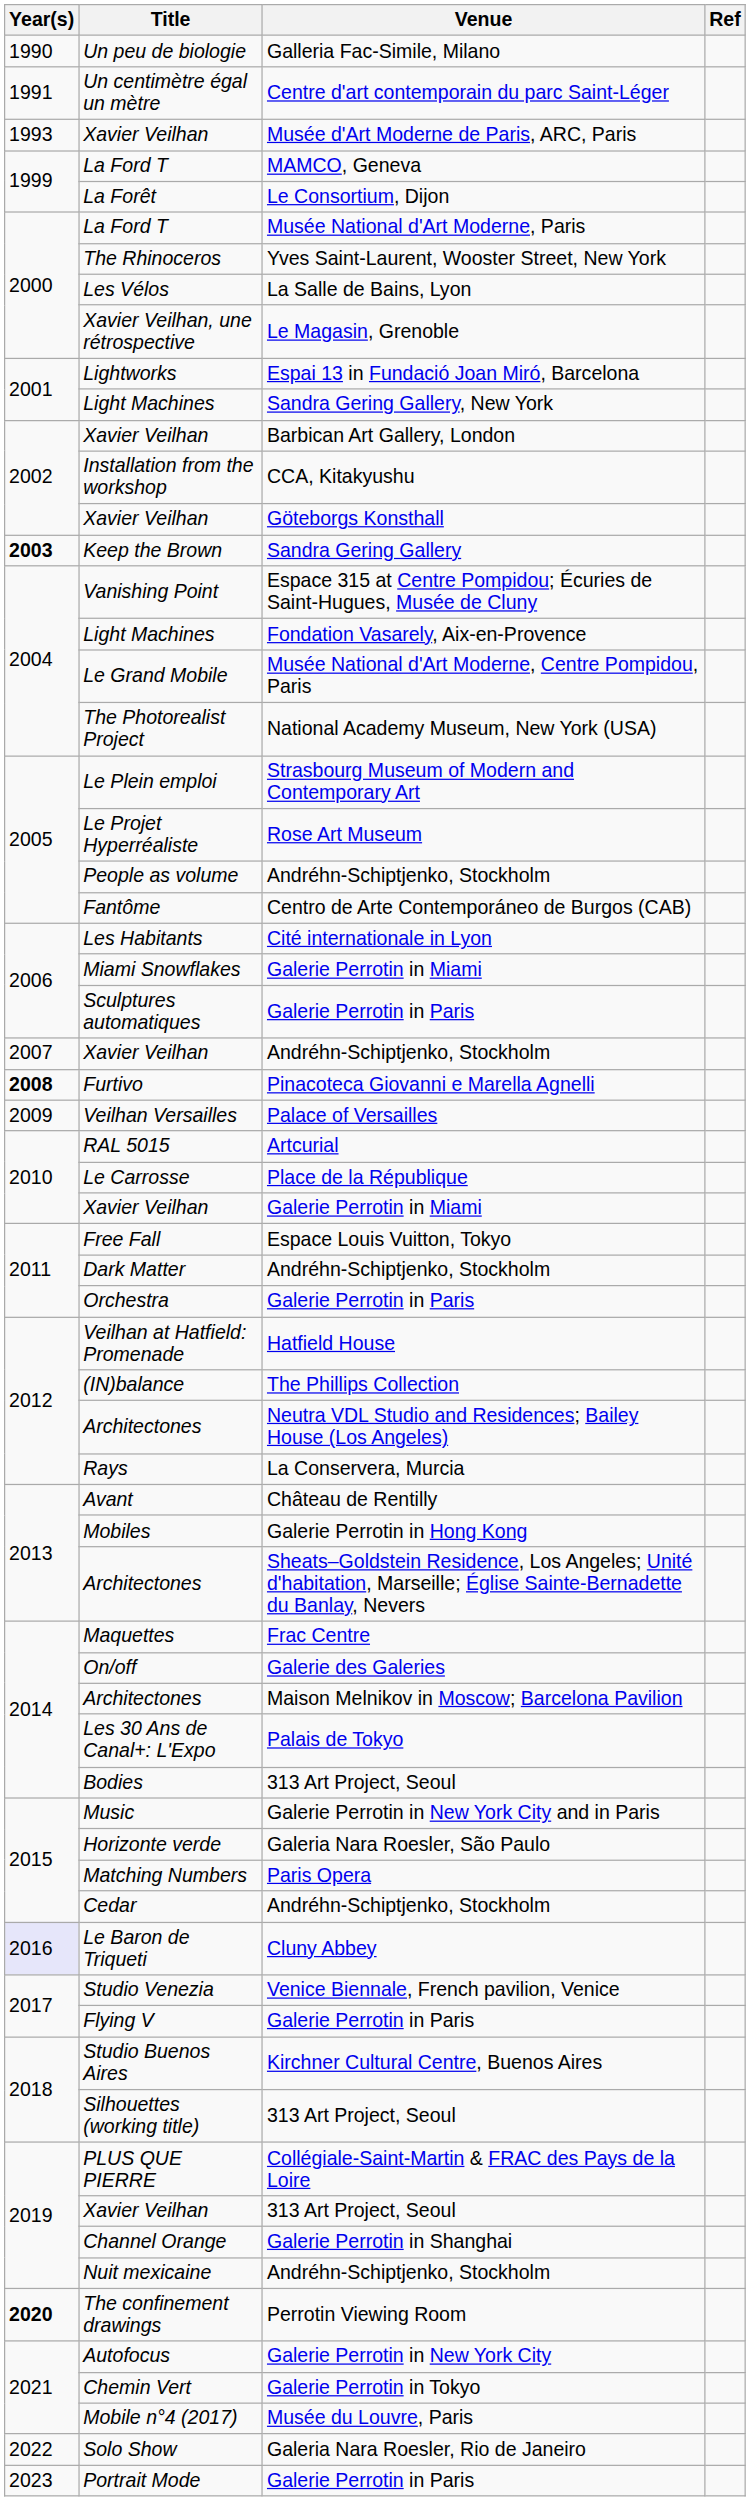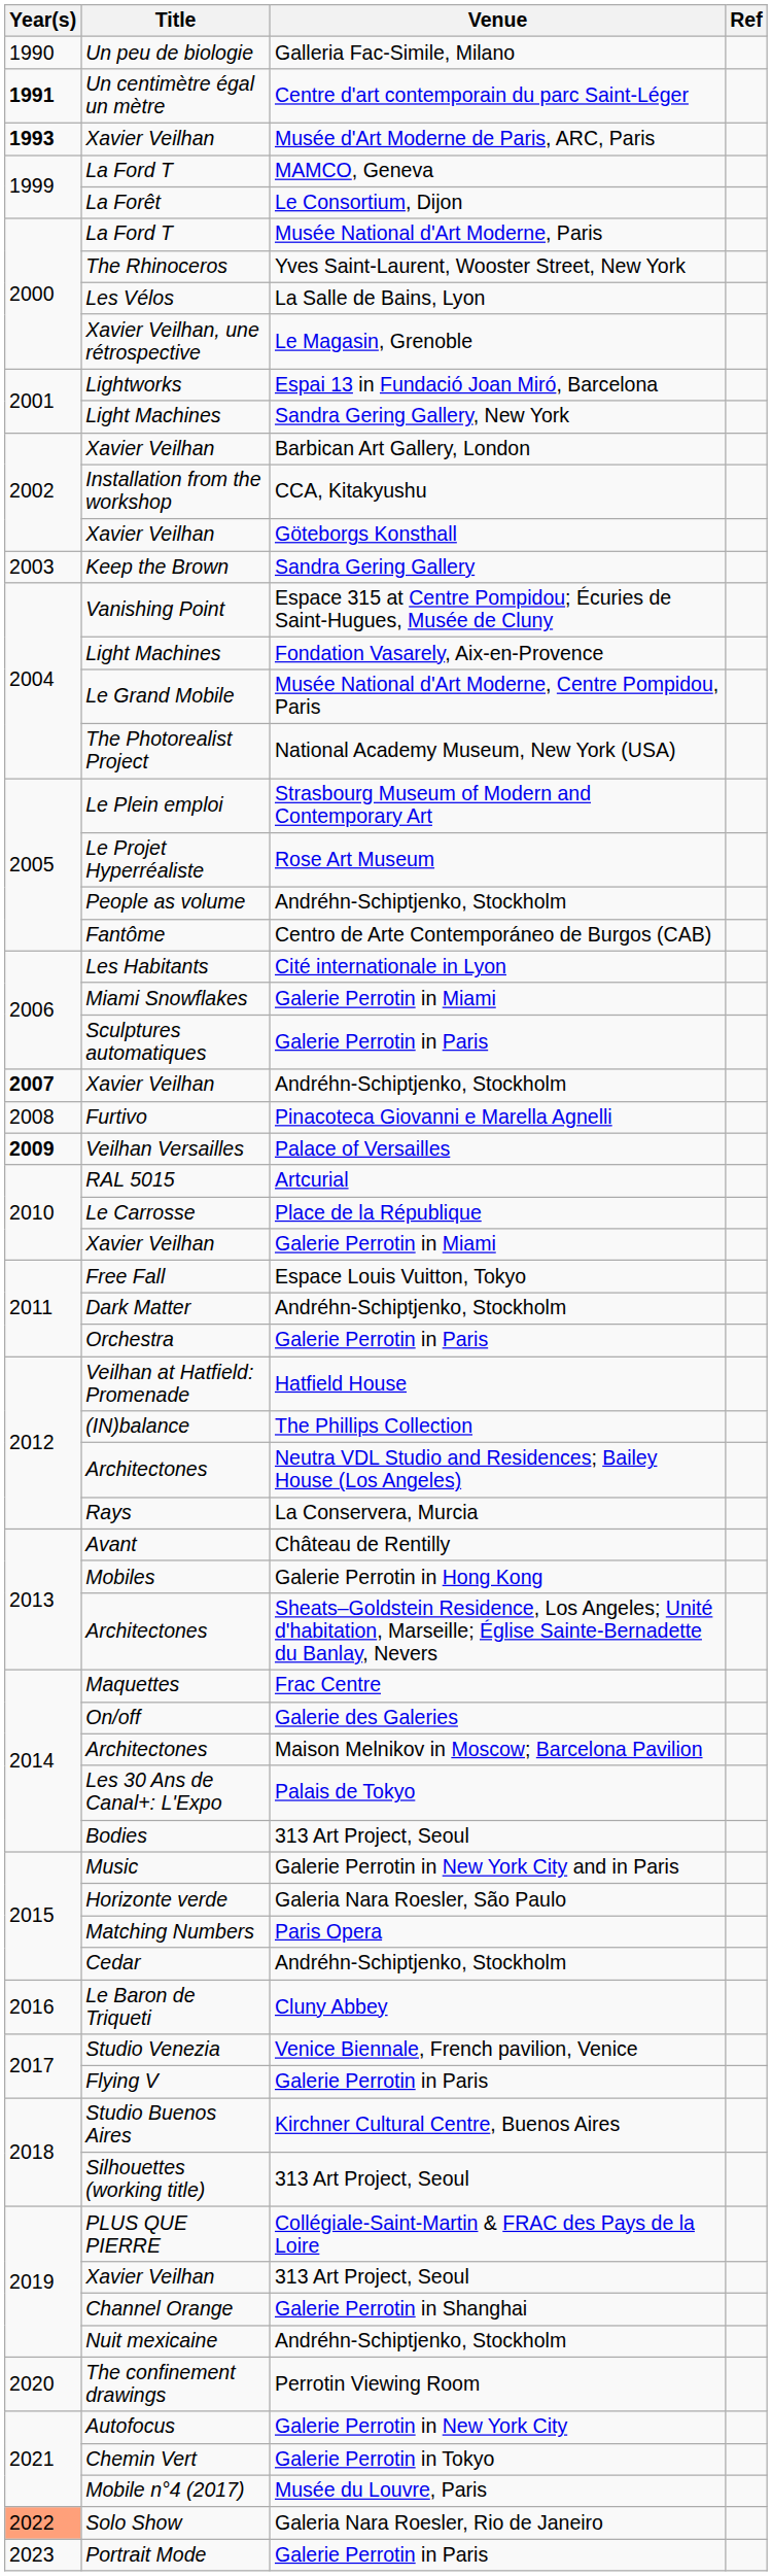 <table class="wikitable sortable">
 <tr>
 <th>Year(s)</th>
 <th>Title</th>
 <th>Venue</th>
 <th class="unsortable">Ref</th>
 </tr>
 <tr>
 <td>1990</td>
 <td><em>Un peu de biologie</em></td>
 <td>Galleria Fac-Simile, Milano</td>
 <td></td>
 </tr>
 <tr>
-<td>1991</td>
+<td><strong>1991</strong></td>
 <td><em>Un centimètre égal un mètre</em></td>
 <td><a href='#'>Centre d'art contemporain du parc Saint-Léger</a></td>
 <td></td>
 </tr>
 <tr>
-<td>1993</td>
+<td><strong>1993</strong></td>
 <td><em>Xavier Veilhan</em></td>
 <td><a href='#'>Musée d'Art Moderne de Paris</a>, ARC, Paris</td>
 <td></td>
 </tr>
 <tr>
 <td rowspan="2">1999</td>
 <td><em>La Ford T</em></td>
 <td><a href='#'>MAMCO</a>, Geneva</td>
 <td></td>
 </tr>
 <tr>
 <td><em>La Forêt</em></td>
 <td><a href='#'>Le Consortium</a>, Dijon</td>
 <td></td>
 </tr>
 <tr>
 <td rowspan="4">2000</td>
 <td><em>La Ford T</em></td>
 <td><a href='#'>Musée National d'Art Moderne</a>, Paris</td>
 <td></td>
 </tr>
 <tr>
 <td><em>The Rhinoceros</em></td>
 <td>Yves Saint-Laurent, Wooster Street, New York</td>
 <td></td>
 </tr>
 <tr>
 <td><em>Les Vélos</em></td>
 <td>La Salle de Bains, Lyon</td>
 <td></td>
 </tr>
 <tr>
 <td><em>Xavier Veilhan, une rétrospective</em></td>
 <td><a href='#'>Le Magasin</a>, Grenoble</td>
 <td></td>
 </tr>
 <tr>
 <td rowspan="2">2001</td>
 <td><em>Lightworks</em></td>
 <td><a href='#'>Espai 13</a> in <a href='#'>Fundació Joan Miró</a>, Barcelona</td>
 <td></td>
 </tr>
 <tr>
 <td><em>Light Machines</em></td>
 <td><a href='#'>Sandra Gering Gallery</a>, New York</td>
 <td></td>
 </tr>
 <tr>
 <td rowspan="3">2002</td>
 <td><em>Xavier Veilhan</em></td>
 <td>Barbican Art Gallery, London</td>
 <td></td>
 </tr>
 <tr>
 <td><em>Installation from the workshop</em></td>
 <td>CCA, Kitakyushu</td>
 <td></td>
 </tr>
 <tr>
 <td><em>Xavier Veilhan</em></td>
 <td><a href='#'>Göteborgs Konsthall</a></td>
 <td></td>
 </tr>
 <tr>
-<td><strong>2003</strong></td>
+<td>2003</td>
 <td><em>Keep the Brown</em></td>
 <td><a href='#'>Sandra Gering Gallery</a></td>
 <td></td>
 </tr>
 <tr>
 <td rowspan="4">2004</td>
 <td><em>Vanishing Point</em></td>
 <td>Espace 315 at <a href='#'>Centre Pompidou</a>; Écuries de Saint-Hugues, <a href='#'>Musée de Cluny</a></td>
 <td></td>
 </tr>
 <tr>
 <td><em>Light Machines</em></td>
 <td><a href='#'>Fondation Vasarely</a>, Aix-en-Provence</td>
 <td></td>
 </tr>
 <tr>
 <td><em>Le Grand Mobile</em></td>
 <td><a href='#'>Musée National d'Art Moderne</a>, <a href='#'>Centre Pompidou</a>, Paris</td>
 <td></td>
 </tr>
 <tr>
 <td><em>The Photorealist Project</em></td>
 <td>National Academy Museum, New York (USA)</td>
 <td></td>
 </tr>
 <tr>
 <td rowspan="4">2005</td>
 <td><em>Le Plein emploi</em></td>
 <td><a href='#'>Strasbourg Museum of Modern and Contemporary Art</a></td>
 <td></td>
 </tr>
 <tr>
 <td><em>Le Projet Hyperréaliste</em></td>
 <td><a href='#'>Rose Art Museum</a></td>
 <td></td>
 </tr>
 <tr>
 <td><em>People as volume</em></td>
 <td>Andréhn-Schiptjenko, Stockholm</td>
 <td></td>
 </tr>
 <tr>
 <td><em>Fantôme</em></td>
 <td>Centro de Arte Contemporáneo de Burgos (CAB)</td>
 </tr>
 <tr>
 <td rowspan="3">2006</td>
 <td><em>Les Habitants</em></td>
 <td><a href='#'>Cité internationale in Lyon</a></td>
 <td></td>
 </tr>
 <tr>
 <td><em>Miami Snowflakes</em></td>
 <td><a href='#'>Galerie Perrotin</a> in <a href='#'>Miami</a></td>
 <td></td>
 </tr>
 <tr>
 <td><em>Sculptures automatiques</em></td>
 <td><a href='#'>Galerie Perrotin</a> in <a href='#'>Paris</a></td>
 </tr>
 <tr>
-<td>2007</td>
+<td><strong>2007</strong></td>
 <td><em>Xavier Veilhan</em></td>
 <td>Andréhn-Schiptjenko, Stockholm</td>
 <td></td>
 </tr>
 <tr>
-<td><strong>2008</strong></td>
+<td>2008</td>
 <td><em>Furtivo</em></td>
 <td><a href='#'>Pinacoteca Giovanni e Marella Agnelli</a></td>
 <td></td>
 </tr>
 <tr>
-<td>2009</td>
+<td><strong>2009</strong></td>
 <td><em>Veilhan Versailles</em></td>
 <td><a href='#'>Palace of Versailles</a></td>
 <td></td>
 </tr>
 <tr>
 <td rowspan="3">2010</td>
 <td><em>RAL 5015</em></td>
 <td><a href='#'>Artcurial</a></td>
 <td></td>
 </tr>
 <tr>
 <td><em>Le Carrosse</em></td>
 <td><a href='#'>Place de la République</a></td>
 <td></td>
 </tr>
 <tr>
 <td><em>Xavier Veilhan</em></td>
 <td><a href='#'>Galerie Perrotin</a> in <a href='#'>Miami</a></td>
 <td></td>
 </tr>
 <tr>
 <td rowspan="3">2011</td>
 <td><em>Free Fall</em></td>
 <td>Espace Louis Vuitton, Tokyo</td>
 <td></td>
 </tr>
 <tr>
 <td><em>Dark Matter</em></td>
 <td>Andréhn-Schiptjenko, Stockholm</td>
 <td></td>
 </tr>
 <tr>
 <td><em>Orchestra</em></td>
 <td><a href='#'>Galerie Perrotin</a> in <a href='#'>Paris</a></td>
 <td></td>
 </tr>
 <tr>
 <td rowspan="4">2012</td>
 <td><em>Veilhan at Hatfield: Promenade</em></td>
 <td><a href='#'>Hatfield House</a></td>
 <td></td>
 </tr>
 <tr>
 <td><em>(IN)balance</em></td>
 <td><a href='#'>The Phillips Collection</a></td>
 <td></td>
 </tr>
 <tr>
 <td><em>Architectones</em></td>
 <td><a href='#'>Neutra VDL Studio and Residences</a>; <a href='#'>Bailey House (Los Angeles)</a></td>
 <td></td>
 </tr>
 <tr>
 <td><em>Rays</em></td>
 <td>La Conservera, Murcia</td>
 <td></td>
 </tr>
 <tr>
 <td rowspan="3">2013</td>
 <td><em>Avant</em></td>
 <td>Château de Rentilly</td>
 <td></td>
 </tr>
 <tr>
 <td><em>Mobiles</em></td>
 <td>Galerie Perrotin in <a href='#'>Hong Kong</a></td>
 <td></td>
 </tr>
 <tr>
 <td><em>Architectones</em></td>
 <td><a href='#'>Sheats–Goldstein Residence</a>, Los Angeles; <a href='#'>Unité d'habitation</a>, Marseille; <a href='#'>Église Sainte-Bernadette du Banlay</a>, Nevers</td>
 <td></td>
 </tr>
 <tr>
 <td rowspan="5">2014</td>
 <td><em>Maquettes</em></td>
 <td><a href='#'>Frac Centre</a></td>
 <td></td>
 </tr>
 <tr>
 <td><em>On/off</em></td>
 <td><a href='#'>Galerie des Galeries</a></td>
 <td></td>
 </tr>
 <tr>
 <td><em>Architectones</em></td>
 <td>Maison Melnikov in <a href='#'>Moscow</a>; <a href='#'>Barcelona Pavilion</a></td>
 <td></td>
 </tr>
 <tr>
 <td><em>Les 30 Ans de Canal+: L'Expo</em></td>
 <td><a href='#'>Palais de Tokyo</a></td>
 <td></td>
 </tr>
 <tr>
 <td><em>Bodies</em></td>
 <td>313 Art Project, Seoul</td>
 <td></td>
 </tr>
 <tr>
 <td rowspan="4">2015</td>
 <td><em>Music</em></td>
 <td>Galerie Perrotin in <a href='#'>New York City</a> and in Paris</td>
 <td></td>
 </tr>
 <tr>
 <td><em>Horizonte verde</em></td>
 <td>Galeria Nara Roesler, São Paulo</td>
 <td></td>
 </tr>
 <tr>
 <td><em>Matching Numbers</em></td>
 <td><a href='#'>Paris Opera</a></td>
 <td></td>
 </tr>
 <tr>
 <td><em>Cedar</em></td>
 <td>Andréhn-Schiptjenko, Stockholm</td>
 <td></td>
 </tr>
 <tr>
-<td style="background: lavender;">2016</td>
+<td>2016</td>
 <td><em>Le Baron de Triqueti</em></td>
 <td><a href='#'>Cluny Abbey</a></td>
 <td></td>
 </tr>
 <tr>
 <td rowspan="2">2017</td>
 <td><em>Studio Venezia</em></td>
 <td><a href='#'>Venice Biennale</a>, French pavilion, Venice</td>
 <td></td>
 </tr>
 <tr>
 <td><em>Flying V</em></td>
 <td><a href='#'>Galerie Perrotin</a> in Paris</td>
 <td></td>
 </tr>
 <tr>
 <td rowspan="2">2018</td>
 <td><em>Studio Buenos Aires</em></td>
 <td><a href='#'>Kirchner Cultural Centre</a>, Buenos Aires</td>
 <td></td>
 </tr>
 <tr>
 <td><em>Silhouettes (working title)</em></td>
 <td>313 Art Project, Seoul</td>
 <td></td>
 </tr>
 <tr>
 <td rowspan="4">2019</td>
 <td><em>PLUS QUE PIERRE</em></td>
 <td><a href='#'>Collégiale-Saint-Martin</a> & <a href='#'>FRAC des Pays de la Loire</a></td>
 <td></td>
 </tr>
 <tr>
 <td><em>Xavier Veilhan</em></td>
 <td>313 Art Project, Seoul</td>
 <td></td>
 </tr>
 <tr>
 <td><em>Channel Orange</em></td>
 <td><a href='#'>Galerie Perrotin</a> in Shanghai</td>
 <td></td>
 </tr>
 <tr>
 <td><em>Nuit mexicaine</em></td>
 <td>Andréhn-Schiptjenko, Stockholm</td>
 <td></td>
 </tr>
 <tr>
-<td><strong>2020</strong></td>
+<td>2020</td>
 <td><em>The confinement drawings</em></td>
 <td>Perrotin Viewing Room</td>
 <td></td>
 </tr>
 <tr>
 <td rowspan="3">2021</td>
 <td><em>Autofocus</em></td>
 <td><a href='#'>Galerie Perrotin</a> in <a href='#'>New York City</a></td>
 <td></td>
 </tr>
 <tr>
 <td><em>Chemin Vert</em></td>
 <td><a href='#'>Galerie Perrotin</a> in Tokyo</td>
 <td></td>
 </tr>
 <tr>
 <td><em>Mobile n°4 (2017)</em></td>
 <td><a href='#'>Musée du Louvre</a>, Paris</td>
 <td></td>
 </tr>
 <tr>
-<td>2022</td>
+<td style="background: lightsalmon;">2022</td>
 <td><em>Solo Show</em></td>
 <td>Galeria Nara Roesler, Rio de Janeiro</td>
 <td></td>
 </tr>
 <tr>
 <td rowspan="2">2023</td>
 <td><em>Portrait Mode</em></td>
 <td><a href='#'>Galerie Perrotin</a> in Paris</td>
 <td></td>
 </tr>
 </table>
